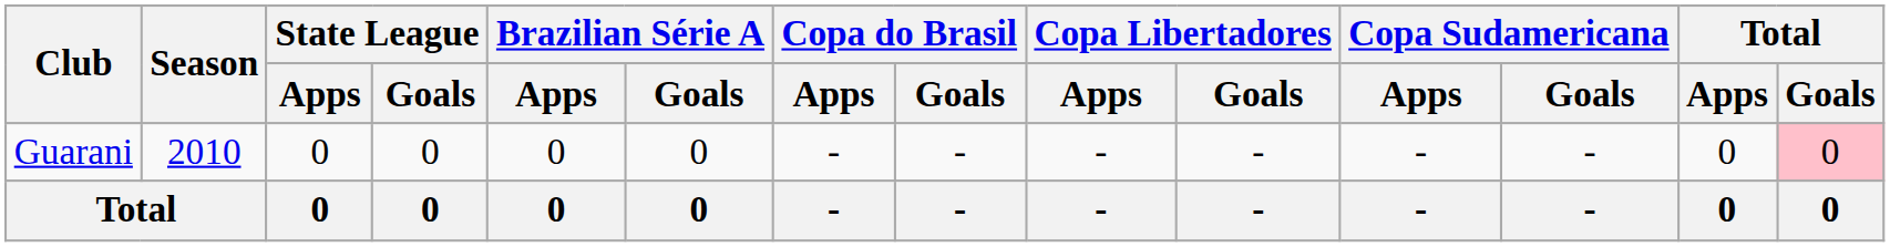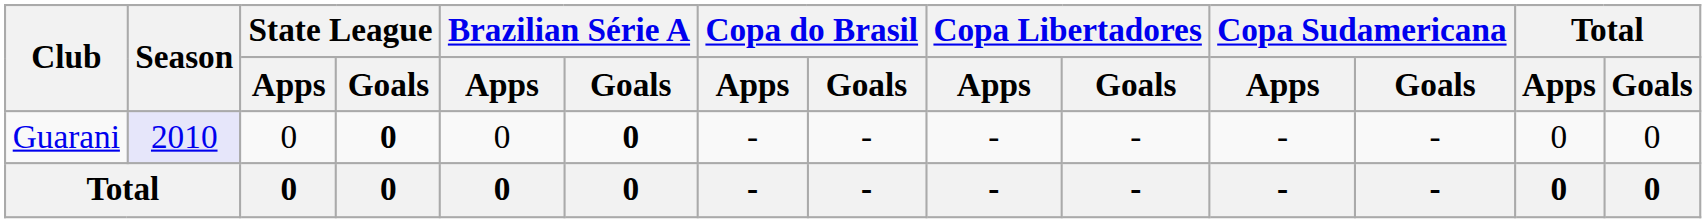 <table class="wikitable" style="text-align: center;">
 <tr>
 <th rowspan="2">Club</th>
 <th rowspan="2">Season</th>
 <th colspan="2">State League</th>
 <th colspan="2"><a href='#'>Brazilian Série A</a></th>
 <th colspan="2"><a href='#'>Copa do Brasil</a></th>
 <th colspan="2"><a href='#'>Copa Libertadores</a></th>
 <th colspan="2"><a href='#'>Copa Sudamericana</a></th>
 <th colspan="2">Total</th>
 </tr>
 <tr>
 <th>Apps</th>
 <th>Goals</th>
 <th>Apps</th>
 <th>Goals</th>
 <th>Apps</th>
 <th>Goals</th>
 <th>Apps</th>
 <th>Goals</th>
 <th>Apps</th>
 <th>Goals</th>
 <th>Apps</th>
 <th>Goals</th>
 </tr>
 <tr>
 <td rowspan="1" valign="center"><a href='#'>Guarani</a></td>
-<td><a href='#'>2010</a></td>
+<td style="background: lavender;"><a href='#'>2010</a></td>
 <td>0</td>
+<td><strong>0</strong></td>
 <td>0</td>
-<td>0</td>
-<td>0</td>
+<td><strong>0</strong></td>
 <td>-</td>
 <td>-</td>
 <td>-</td>
 <td>-</td>
 <td>-</td>
 <td>-</td>
 <td>0</td>
-<td style="background: pink;">0</td>
+<td>0</td>
 </tr>
 <tr>
 <th colspan="2"><strong>Total</strong></th>
 <th>0</th>
 <th>0</th>
 <th>0</th>
 <th>0</th>
 <th>-</th>
 <th>-</th>
 <th>-</th>
 <th>-</th>
 <th>-</th>
 <th>-</th>
 <th>0</th>
 <th>0</th>
 </tr>
 </table>
